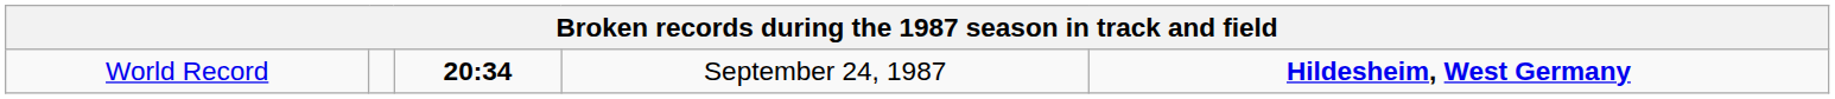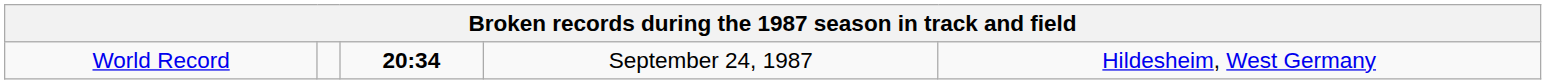 <table class="wikitable" style=" text-align:center; font-size:110%;" width="95%">
 <tr>
 <th colspan="5">Broken records during the 1987 season in track and field</th>
 </tr>
 <tr>
 <td><a href='#'>World Record</a></td>
 <td></td>
 <td><strong>20:34</strong></td>
 <td>September 24, 1987</td>
-<td><strong> <a href='#'>Hildesheim</a>, <a href='#'>West Germany</a></strong></td>
+<td> <a href='#'>Hildesheim</a>, <a href='#'>West Germany</a></td>
 </tr>
 </table>
